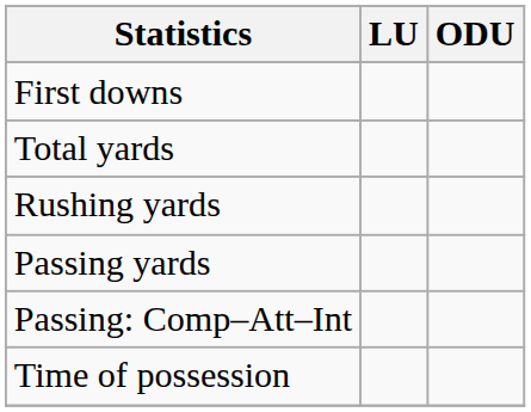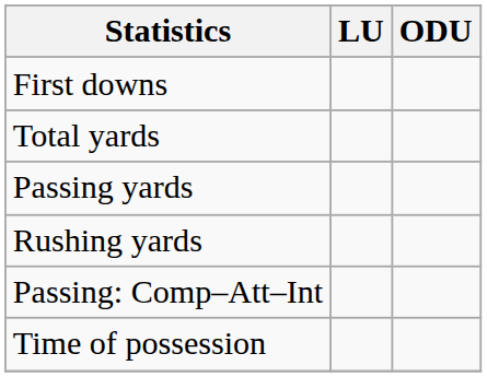 <table class="wikitable" style="float: left;">
 <tr>
 <th>Statistics</th>
 <th>LU</th>
 <th>ODU</th>
 </tr>
 <tr>
 <td>First downs</td>
 <td></td>
 <td></td>
 </tr>
 <tr>
 <td>Total yards</td>
 <td></td>
 <td></td>
 </tr>
 <tr>
-<td>Rushing yards</td>
+<td>Passing yards</td>
 <td></td>
 <td></td>
 </tr>
 <tr>
-<td>Passing yards</td>
+<td>Rushing yards</td>
 <td></td>
 <td></td>
 </tr>
 <tr>
 <td>Passing: Comp–Att–Int</td>
 <td></td>
 <td></td>
 </tr>
 <tr>
 <td>Time of possession</td>
 <td></td>
 <td></td>
 </tr>
 <tr>
 </tr>
 </table>
